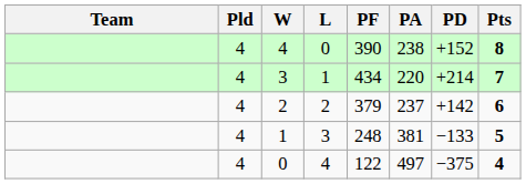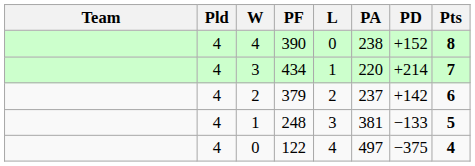 <table class=wikitable style="text-align:center">
 <tr>
 <th width=180>Team</th>
 <th width=30>Pld</th>
 <th width=30>W</th>
+<th width=30>PF</th>
 <th width=30>L</th>
-<th width=30>PF</th>
 <th width=30>PA</th>
 <th width=30>PD</th>
 <th width=30>Pts</th>
 </tr>
 <tr align=center bgcolor="#ccffcc">
 <td align=left></td>
 <td>4</td>
 <td>4</td>
+<td>390</td>
 <td>0</td>
-<td>390</td>
 <td>238</td>
 <td>+152</td>
 <td><strong>8</strong></td>
 </tr>
 <tr align=center bgcolor="#ccffcc">
 <td align=left></td>
 <td>4</td>
 <td>3</td>
+<td>434</td>
 <td>1</td>
-<td>434</td>
 <td>220</td>
 <td>+214</td>
 <td><strong>7</strong></td>
 </tr>
 <tr align=center>
 <td align=left></td>
 <td>4</td>
 <td>2</td>
+<td>379</td>
 <td>2</td>
-<td>379</td>
 <td>237</td>
 <td>+142</td>
 <td><strong>6</strong></td>
 </tr>
 <tr align=center>
 <td align=left></td>
 <td>4</td>
 <td>1</td>
+<td>248</td>
 <td>3</td>
-<td>248</td>
 <td>381</td>
 <td>−133</td>
 <td><strong>5</strong></td>
 </tr>
 <tr align=center>
 <td align=left></td>
 <td>4</td>
 <td>0</td>
+<td>122</td>
 <td>4</td>
-<td>122</td>
 <td>497</td>
 <td>−375</td>
 <td><strong>4</strong></td>
 </tr>
 </table>
